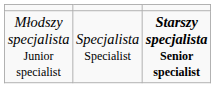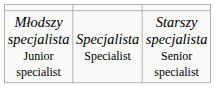 <table class=wikitable width=20% cellpadding=3px>
 <tr>
 <td align=center width=10%></td>
 <td align=center width=10%></td>
 <td align=center width=10%></td>
 </tr>
 <tr>
 <td align=center><em>Młodszy specjalista</em> <br><small>Junior specialist</small></td>
 <td align=center><em>Specjalista</em><br><small>Specialist</small></td>
-<td align=center><strong><em>Starszy specjalista</em> <br><small>Senior specialist</small></strong></td>
+<td align=center><em>Starszy specjalista</em> <br><small>Senior specialist</small></td>
 </tr>
 </table>
